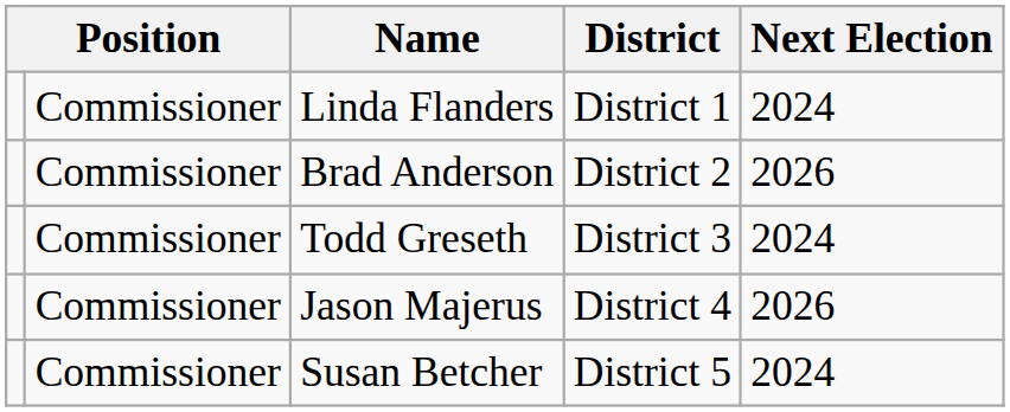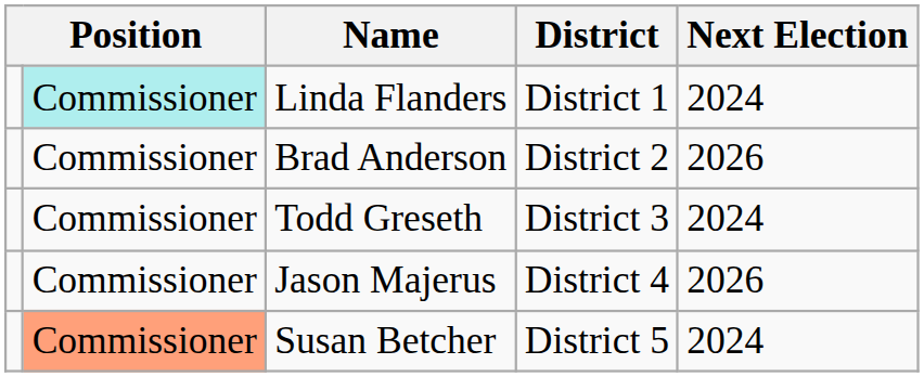 <table class="wikitable">
 <tr>
 <th colspan="2">Position</th>
 <th>Name</th>
 <th>District</th>
 <th>Next Election</th>
 </tr>
 <tr>
 <td></td>
-<td>Commissioner</td>
+<td style="background: paleturquoise;">Commissioner</td>
 <td>Linda Flanders</td>
 <td>District 1</td>
 <td>2024</td>
 </tr>
 <tr>
 <td></td>
 <td>Commissioner</td>
 <td>Brad Anderson</td>
 <td>District 2</td>
 <td>2026</td>
 </tr>
 <tr>
 <td></td>
 <td>Commissioner</td>
 <td>Todd Greseth</td>
 <td>District 3</td>
 <td>2024</td>
 </tr>
 <tr>
 <td></td>
 <td>Commissioner</td>
 <td>Jason Majerus</td>
 <td>District 4</td>
 <td>2026</td>
 </tr>
 <tr>
 <td></td>
-<td>Commissioner</td>
+<td style="background: lightsalmon;">Commissioner</td>
 <td>Susan Betcher</td>
 <td>District 5</td>
 <td>2024</td>
 </tr>
 </table>
